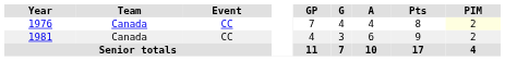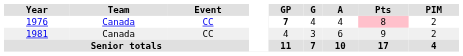 <table border="0" cellpadding="1" cellspacing="0" style="text-align:center; width:50em">
 <tr style="text-align:center; background:#e0e0e0;">
 <th>Year</th>
 <th>Team</th>
 <th>Event</th>
 <th rowspan="99" style="background:#fff;"> </th>
 <th>GP</th>
 <th>G</th>
 <th>A</th>
 <th>Pts</th>
 <th>PIM</th>
 </tr>
 <tr>
 <td><a href='#'>1976</a></td>
 <td><a href='#'>Canada</a></td>
 <td><a href='#'>CC</a></td>
-<td>7</td>
+<td><strong>7</strong></td>
 <td>4</td>
 <td>4</td>
-<td>8</td>
-<td style="background: lightyellow;">2</td>
+<td style="background: pink;">8</td>
+<td>2</td>
 </tr>
 <tr style="background:#f0f0f0;">
 <td><a href='#'>1981</a></td>
 <td>Canada</td>
 <td>CC</td>
 <td>4</td>
 <td>3</td>
 <td>6</td>
 <td>9</td>
 <td>2</td>
 </tr>
 <tr style="background:#e0e0e0;">
 <th colspan=3>Senior totals</th>
 <th>11</th>
 <th>7</th>
 <th>10</th>
 <th>17</th>
 <th>4</th>
 </tr>
 </table>
